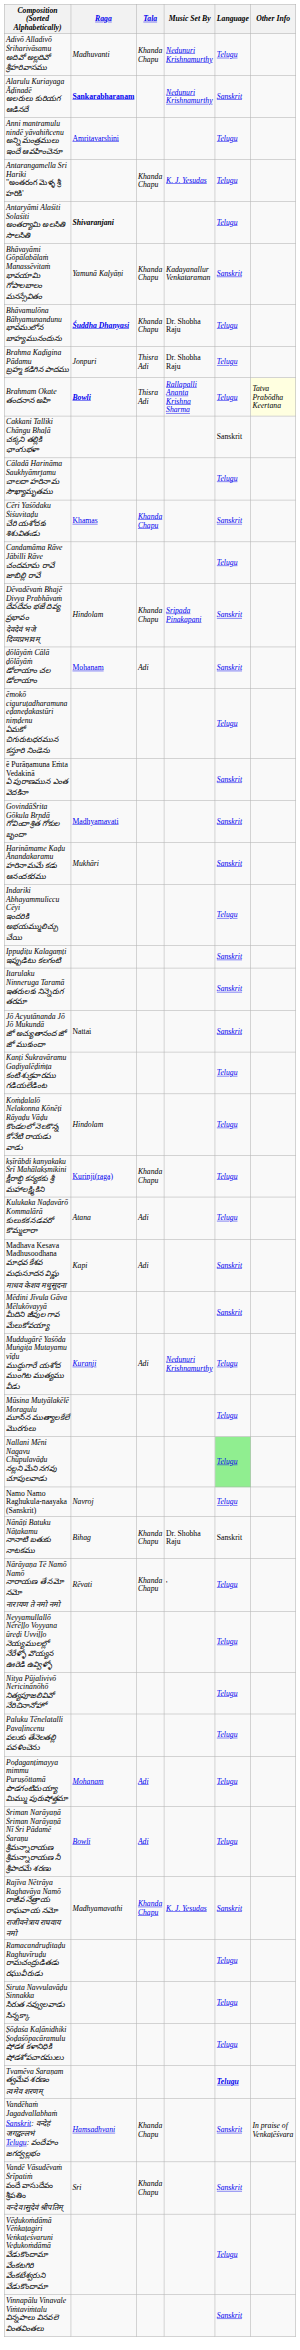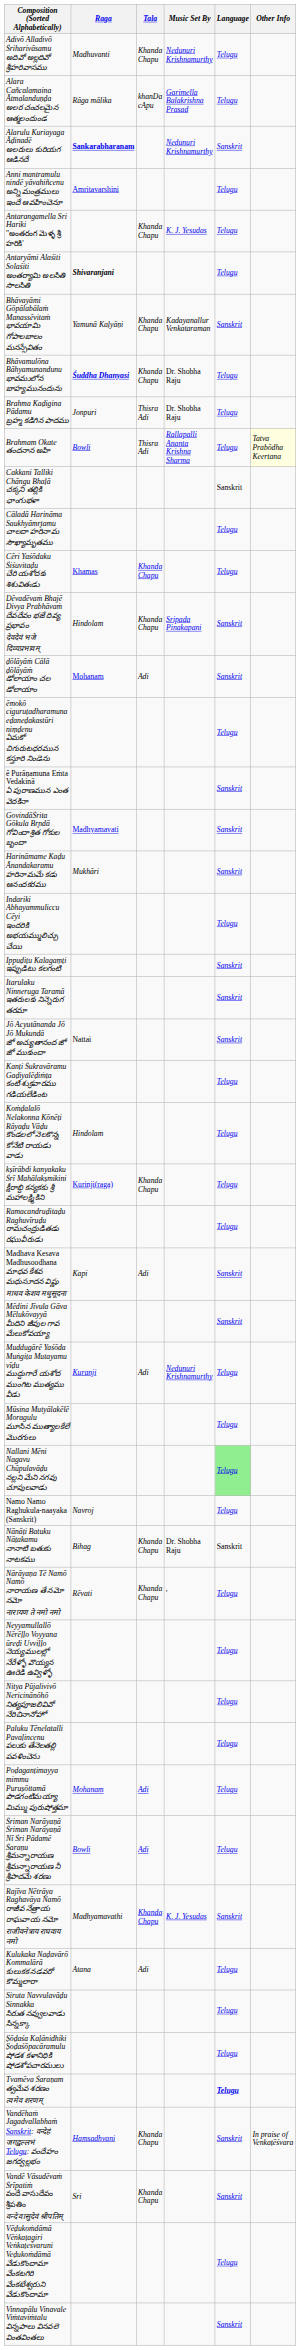 <table class="wikitable">
 <tr>
 <th><em>Composition (Sorted Alphabetically)</em></th>
 <th><em><a href='#'>Raga</a></em></th>
 <th><em><a href='#'>Tala</a></em></th>
 <th><em>Music Set By</em></th>
 <th><em>Language</em></th>
 <th><em>Other Info</em></th>
 </tr>
 <tr>
 <td><em>Adivō Alladivō Śriharivāsamu</em> <br> <em>అదివో అల్లదివో శ్రీహరివాసము</em></td>
 <td><em> Madhuvanti</em></td>
 <td><em>Khanda Chapu</em></td>
 <td><em><a href='#'>Nedunuri Krishnamurthy</a></em></td>
+<td><em><a href='#'>Telugu</a></em></td>
+<td></td>
+</tr>
+<tr>
+<td><em>Alara Cañcalamaina Ātmalanduṇḍa</em> <br> <em>అలర చంచలమైన ఆత్మలందుండ</em></td>
+<td><em>Rāga mālika</em></td>
+<td><em>khanDa cApu</em></td>
+<td><em><a href='#'>Garimella Balakrishna Prasad</a> </em></td>
 <td><em><a href='#'>Telugu</a></em></td>
 <td></td>
 </tr>
 <tr>
 <td><em>Alarulu Kuriayaga Āḍinadē</em> <br> <em>అలరులు కురియగ ఆడినదే</em></td>
 <td><strong><a href='#'>Sankarabharanam</a></strong></td>
 <td></td>
 <td><em><a href='#'>Nedunuri Krishnamurthy</a></em></td>
 <td><em><a href='#'>Sanskrit</a></em></td>
 <td></td>
 </tr>
 <tr>
 <td><em>Anni mantramulu nindē yāvahiñcenu</em> <br> <em>అన్ని మంత్రములు ఇందే ఆవహించెనూ</em></td>
 <td><a href='#'>Amritavarshini</a></td>
 <td></td>
 <td></td>
 <td><em><a href='#'>Telugu</a></em></td>
 <td></td>
 </tr>
 <tr>
 <td><em>Antarangamella Sri Hariki</em> <br> "అంతరంగ మెళ్ళ శ్రీ హరికి'</td>
 <td></td>
 <td><em>Khanda Chapu</em></td>
 <td><em><a href='#'>K. J. Yesudas</a></em></td>
 <td><em><a href='#'>Telugu</a></em></td>
 <td></td>
 </tr>
 <tr>
 <td><em>Antaryāmi Alaśiti Solaśiti</em> <br> <em>అంతర్యామి అలసితి సొలసితి</em></td>
 <td><strong><em>Shivaranjani </em></strong></td>
 <td></td>
 <td></td>
 <td><em><a href='#'>Telugu</a></em></td>
 <td></td>
 </tr>
 <tr>
 <td><em>Bhāvayāmi Gōpālabālaṁ Manassēvitaṁ</em> <br> <em>భావయామి గోపాలబాలం మనస్సేవితం</em> <br></td>
 <td><em>Yamunā Kaḷyāṇi</em></td>
 <td><em>Khanda Chapu</em></td>
 <td><em>Kadayanallur Venkataraman</em></td>
 <td><em><a href='#'>Sanskrit</a></em></td>
 <td></td>
 </tr>
 <tr>
 <td><em>Bhāvamulōna Bāhyamunandunu</em> <br><em>భావములోన బాహ్యమునందును</em></td>
 <td><strong><em><a href='#'>Śuddha Dhanyasi</a></em></strong></td>
 <td><em>Khanda Chapu</em></td>
 <td>Dr. Shobha Raju</td>
 <td><em><a href='#'>Telugu</a></em></td>
 <td></td>
 </tr>
 <tr>
 <td><em>Brahma Kaḍigina Pādamu</em> <br> <em>బ్రహ్మ కడిగిన పాదము</em></td>
 <td><em>Jonpuri </em></td>
 <td><em>Thisra Adi</em></td>
 <td>Dr. Shobha Raju</td>
 <td><em><a href='#'>Telugu</a></em></td>
 <td></td>
 </tr>
 <tr>
 <td><em>Brahmam Okate</em><br> <em>తందనాన అహి</em></td>
-<td><strong><em><a href='#'>Bowli</a></em></strong></td>
+<td><em><a href='#'>Bowli</a></em></td>
 <td><em>Thisra Adi</em></td>
 <td><em><a href='#'>Rallapalli Ananta Krishna Sharma</a></em></td>
 <td><em><a href='#'>Telugu</a></em></td>
 <td style="background: lightyellow;"><em>Tatva Prabōdha Keertana</em></td>
 </tr>
 <tr>
 <td><em>Cakkani Talliki Chāngu Bhaḷā</em> <br> <em>చక్కని తల్లికి ఛాంగుభళా</em></td>
 <td></td>
 <td></td>
 <td></td>
 <td>Sanskrit</td>
 <td></td>
 </tr>
 <tr>
 <td><em>Cāladā Harināma Saukhyāmr̥tamu</em> <br> <em>చాలదా హరినామ సౌఖ్యామృతము</em></td>
 <td></td>
 <td></td>
 <td></td>
 <td><em><a href='#'>Telugu</a></em></td>
 <td></td>
 </tr>
 <tr>
 <td><em>Cēri Yaśōdaku Śiśuvitaḍu</em> <br> <em>చేరి యశోదకు శిశువితఁడు</em></td>
 <td><a href='#'>Khamas</a></td>
 <td><em><a href='#'>Khanda Chapu</a></em></td>
-<td></td>
-<td><em><a href='#'>Sanskrit</a></em></td>
-<td></td>
-</tr>
-<tr>
-<td><em>Candamāma Rāve Jābilli Rāve</em> <br> <em>చందమామ రావే జాబిల్లి రావే</em></td>
-<td></td>
-<td></td>
 <td></td>
 <td><em><a href='#'>Telugu</a></em></td>
 <td></td>
 </tr>
 <tr>
 <td><em>Dēvadēvaṁ Bhajē Divya Prabhāvaṁ</em> <br> <em>దేవదేవం భజే దివ్య ప్రభావం</em> <br> <em>देवदेवं भजे दिव्यप्रभावम्</em></td>
 <td><em>Hindolam</em></td>
 <td><em>Khanda Chapu</em></td>
 <td><em><a href='#'>Sripada Pinakapani</a></em></td>
 <td><em><a href='#'>Sanskrit</a></em></td>
 <td></td>
 </tr>
 <tr>
 <td><em>ḍōlāyāṁ Cālā ḍōlāyāṁ</em> <br> <em>డోలాయాం చల డోలాయాం</em></td>
 <td><a href='#'>Mohanam</a></td>
 <td><em>Adi</em></td>
 <td></td>
 <td><em><a href='#'>Sanskrit</a></em></td>
 <td></td>
 </tr>
 <tr>
 <td><em>ēmokō ciguruṭadharamuna eḍaneḍakastūri niṃḍenu</em> <br> <em>ఏమకో చిగురుటధరమున కస్తూరి నిండెను</em></td>
 <td></td>
 <td></td>
 <td></td>
 <td><em><a href='#'>Telugu</a></em></td>
 <td></td>
 </tr>
 <tr>
 <td>ē Purāṇamuna Eṁta Vedakinā <br><em>ఏ పురాణమున ఎంత వెదకినా</em></td>
 <td></td>
 <td></td>
 <td></td>
 <td><em><a href='#'>Sanskrit</a></em></td>
 <td></td>
 </tr>
 <tr>
 <td><em>GovindāŚrita Gōkula Br̥ndā</em> <br> <em>గోవిందాశ్రిత గోకుల బృందా</em></td>
 <td><a href='#'>Madhyamavati</a></td>
 <td></td>
 <td></td>
 <td><em><a href='#'>Sanskrit</a></em></td>
 <td></td>
 </tr>
 <tr>
 <td><em>Harināmame Kaḍu Ānandakaramu</em> <br> <em>హరినామమే కడు ఆనందకరము</em></td>
 <td><em>Mukhāri</em></td>
 <td></td>
 <td></td>
 <td><em><a href='#'>Sanskrit</a></em></td>
 <td></td>
 </tr>
 <tr>
 <td><em>Indariki Abhayammuliccu Cēyi</em> <br> <em>ఇందరికి అభయమ్ములిచ్చు చేయి</em></td>
 <td></td>
 <td></td>
 <td></td>
 <td><em><a href='#'>Telugu</a></em></td>
 <td></td>
 </tr>
 <tr>
 <td><em>Ippuḍiṭu Kalagaṃṭi</em> <br> <em>ఇప్పుడిటు కలగంటి</em></td>
 <td></td>
 <td></td>
 <td></td>
 <td><em><a href='#'>Sanskrit</a></em></td>
 <td></td>
 </tr>
 <tr>
 <td><em>Itarulaku Ninneruga Taramā</em> <br> <em>ఇతరులకు నిన్నెరుగ తరమా</em></td>
 <td></td>
 <td></td>
 <td></td>
 <td><em><a href='#'>Sanskrit</a></em></td>
 <td></td>
 </tr>
 <tr>
 <td><em>Jō Acyutānanda Jō Jō Mukundā</em> <br><em>జో అచ్యుతానంద జో జో ముకుందా</em></td>
 <td>Nattai</td>
 <td></td>
 <td></td>
 <td><em><a href='#'>Sanskrit</a></em></td>
 <td></td>
 </tr>
 <tr>
 <td><em>Kanṭi Śukravāramu Gaḍiyalēḍiṁṭa</em> <br> <em>కంటి శుక్రవారము గడియలేడింట</em></td>
 <td></td>
 <td></td>
 <td></td>
 <td><em><a href='#'>Telugu</a></em></td>
 <td><em></em></td>
 </tr>
 <tr>
 <td><em>Koṁḍalalō Nelakonna Kōnēṭi Rāyaḍu Vāḍu</em> <br> <em>కొండలలో నెలకొన్న కోనేటి రాయడు వాడు</em></td>
 <td><em>Hindolam </em></td>
 <td></td>
 <td></td>
 <td><em><a href='#'>Telugu</a></em></td>
 <td></td>
 </tr>
 <tr>
 <td><em>kṣīrābdi kanyakaku Śrī Mahālakṣmikini</em> <br><em>క్షీరాబ్ది కన్యకకు శ్రీ మహాలక్ష్మికిని</em></td>
 <td><a href='#'>Kurinji(raga)</a></td>
 <td><em>Khanda Chapu</em></td>
 <td></td>
 <td><em><a href='#'>Telugu</a></em></td>
 <td></td>
 </tr>
 <tr>
-<td><em>Kulukaka Naḍavārō Kommalārā</em> <br> <em>కులుకక నడవరో కొమ్మలారా</em></td>
-<td><em>Atana</em></td>
-<td><em>Adi</em></td>
+<td><em>Ramacandruḍitaḍu Raghuvīruḍu</em> <br><em>రామచంద్రుడితడు రఘువీరుడు</em></td>
+<td></td>
+<td></td>
 <td></td>
 <td><em><a href='#'>Telugu</a></em></td>
-<td><em></em></td>
+<td></td>
 </tr>
 <tr>
 <td>Madhava Kesava Madhusoodhana <br> <em>మాధవ కేశవ మధుసూదన విష్ణు</em> <br> <em>माधव केशव मधुसूदना</em></td>
 <td><em>Kapi</em></td>
 <td><em>Adi</em></td>
 <td></td>
 <td><em><a href='#'>Sanskrit</a></em></td>
 <td></td>
 </tr>
 <tr>
 <td><em>Mēdini Jīvula Gāva Mēlukōvayyā</em> <br><em>మీదిని జీవుల గావ మేలుకోవయ్యా</em></td>
 <td></td>
 <td></td>
 <td></td>
 <td><em><a href='#'>Sanskrit</a></em></td>
 <td></td>
 </tr>
 <tr>
 <td><em>Muddugārē Yaśōda Muṅgiṭa Mutayamu vīḍu</em> <br> <em>ముద్దుగారే యశోద ముంగిట ముత్యము వీడు</em></td>
 <td><em><a href='#'>Kuranji</a></em></td>
 <td><em>Adi</em></td>
 <td><em><a href='#'>Nedunuri Krishnamurthy</a></em></td>
 <td><em><a href='#'>Telugu</a></em></td>
 <td></td>
 </tr>
 <tr>
 <td><em>Mūsina Mutyālakēlē Moragulu</em> <br> <em>మూసిన ముత్యాలకేలే మొరగులు</em></td>
 <td></td>
 <td></td>
 <td></td>
 <td><em><a href='#'>Telugu</a></em></td>
 <td></td>
 </tr>
 <tr>
 <td><em>Nallani Mēni Nagavu Chūpulavāḍu</em> <br> <em>నల్లని మేని నగవు చూపులవాడు</em></td>
 <td></td>
 <td></td>
 <td></td>
 <td style="background: lightgreen;"><em><a href='#'>Telugu</a></em></td>
 <td></td>
 </tr>
 <tr>
 <td>Namo Namo Raghukula-naayaka (Sanskrit)</td>
 <td><em>Navroj</em></td>
 <td></td>
 <td></td>
 <td><em><a href='#'>Telugu</a></em></td>
 <td></td>
 </tr>
 <tr>
 <td><em>Nānāṭi Batuku Nāṭakamu</em> <br> <em>నానాటి బతుకు నాటకము</em></td>
 <td><em>Bihag</em></td>
 <td><em>Khanda Chapu</em></td>
 <td>Dr. Shobha Raju</td>
 <td>Sanskrit</td>
 <td></td>
 </tr>
 <tr>
 <td><em>Nārāyaṇa Tē Namō Namō</em><br> <em>నారాయణ తే నమో నమో</em> <br> <em>नारायण ते नमो नमो</em></td>
 <td><em>Rēvati</em></td>
 <td><em>Khanda Chapu</em></td>
 <td>'</td>
 <td><em><a href='#'>Telugu</a></em></td>
 <td></td>
 </tr>
 <tr>
 <td><em>Neyyamullallō Nērēḷḷo Voyyana ūreḍi Uvviḷḷo</em> <br> <em>నెయ్యములల్లో నేరేళ్ళో వొయ్యన ఊరెడి ఉవ్విళ్ళో</em></td>
 <td></td>
 <td></td>
 <td></td>
 <td><em><a href='#'>Telugu</a></em></td>
 <td></td>
 </tr>
 <tr>
 <td><em>Nitya Pūjalivivō Nericinānōhō</em> <br> <em>నిత్యపూజలివివో నేరిచినానోహో</em></td>
 <td></td>
 <td></td>
 <td></td>
 <td><em><a href='#'>Telugu</a></em></td>
 <td><em></em></td>
 </tr>
 <tr>
 <td><em>Paluku Tēnelatalli Pavaḷincenu</em> <br> <em>పలుకు తేనెలతల్లి పవళించెను</em></td>
 <td></td>
 <td></td>
 <td></td>
 <td><em><a href='#'>Telugu</a></em></td>
 <td></td>
 </tr>
 <tr>
 <td><em>Poḍaganṭimayya mimmu Puruṣōttamā</em> <br> <em>పొడగంటిమయ్యా మిమ్ము పురుషోత్తమా</em></td>
 <td><em> <a href='#'>Mohanam</a> </em></td>
 <td><em><a href='#'>Adi</a> </em></td>
 <td></td>
 <td><em><a href='#'>Telugu</a></em></td>
 <td></td>
 </tr>
 <tr>
 <td><em>Śriman Narāyaṇā Śriman Narāyaṇā Nī Śri Pādamē Śaraṇu</em> <br> <em>శ్రీమన్నారాయణ శ్రీమన్నారాయణ నీ శ్రీపాదమే శరణు</em></td>
 <td><em><a href='#'>Bowli</a></em></td>
 <td><em><a href='#'>Adi</a></em></td>
 <td></td>
 <td><em><a href='#'>Telugu</a></em></td>
 <td></td>
 </tr>
 <tr>
 <td><em>Rajīva Nētrāya Raghavāya Namō</em><br> <em>రాజీవ నేత్రాయ రాఘవాయ నమో</em> <br> <em>राजीवनेत्राय राघवाय नमो</em></td>
 <td><em>Madhyamavathi</em></td>
 <td><em><a href='#'>Khanda Chapu</a></em></td>
 <td><em><a href='#'>K. J. Yesudas</a></em></td>
 <td><em><a href='#'>Sanskrit</a></em></td>
 <td></td>
 </tr>
 <tr>
-<td><em>Ramacandruḍitaḍu Raghuvīruḍu</em> <br><em>రామచంద్రుడితడు రఘువీరుడు</em></td>
-<td></td>
-<td></td>
+<td><em>Kulukaka Naḍavārō Kommalārā</em> <br> <em>కులుకక నడవరో కొమ్మలారా</em></td>
+<td><em>Atana</em></td>
+<td><em>Adi</em></td>
 <td></td>
 <td><em><a href='#'>Telugu</a></em></td>
-<td></td>
+<td><em></em></td>
 </tr>
 <tr>
 <td><em>Siruta Navvulavāḍu Sinnakka</em> <br><em>సిరుత నవ్వులవాడు సిన్నక్కా</em></td>
 <td></td>
 <td></td>
 <td></td>
 <td><em><a href='#'>Telugu</a></em></td>
 <td></td>
 </tr>
 <tr>
 <td><em>Ṣōḍaśa Kaḷānidhiki Ṣoḍaśōpacāramulu</em><br><em>షోడశ కళానిధికి షోడశోపచారములు</em></td>
 <td></td>
 <td></td>
 <td></td>
 <td><em><a href='#'>Telugu</a></em></td>
 <td></td>
 </tr>
 <tr>
 <td><em>Tvamēva Śaraṇam</em> <br><em>త్వమేవ శరణం</em> <br> <em>त्वमेव शरणम्</em></td>
 <td></td>
 <td></td>
 <td></td>
 <td><strong><em><a href='#'>Telugu</a></em></strong></td>
 <td></td>
 </tr>
 <tr>
 <td><em>Vandēhaṁ Jagadvallabhaṁ</em> <br><em><a href='#'>Sanskrit</a>: वन्देहं जगद्वल्लभं</em>  <br><em><a href='#'>Telugu</a>: వందేహం జగద్వల్లభం</em></td>
 <td><em><a href='#'>Hamsadhvani</a></em></td>
 <td><em>Khanda Chapu</em></td>
 <td></td>
 <td><em><a href='#'>Sanskrit</a></em></td>
 <td><em>In praise of  Venkaṭēśvara</em></td>
 </tr>
 <tr>
 <td><em>Vandē Vāsudēvaṁ Śrīpatiṁ</em> <br>వందే వాసుదేవం శ్రీపతిం <br> <em>वन्दे वासुदेवं श्रीपतिम्</em></td>
 <td><em>Sri</em></td>
 <td><em>Khanda Chapu</em></td>
 <td></td>
 <td><em><a href='#'>Sanskrit</a></em></td>
 <td></td>
 </tr>
 <tr>
 <td><em>Vēḍukoṁdāmā Vēṅkaṭagiri Veṅkaṭeśvaruni Veḍukoṁdāmā</em> <br><em>వేడుకొందామా వేంకటగిరి వేంకటేశ్వరుని వేడుకొందామా</em></td>
 <td></td>
 <td></td>
 <td></td>
 <td><em><a href='#'>Telugu</a></em></td>
 <td></td>
 </tr>
 <tr>
 <td><em>Vinnapālu Vinavale Viṁtaviṁtalu</em> <br><em>విన్నపాలు వినవలె వింతవింతలు</em></td>
 <td></td>
 <td></td>
 <td></td>
 <td><em><a href='#'>Sanskrit</a></em></td>
 <td></td>
 </tr>
 </table>
